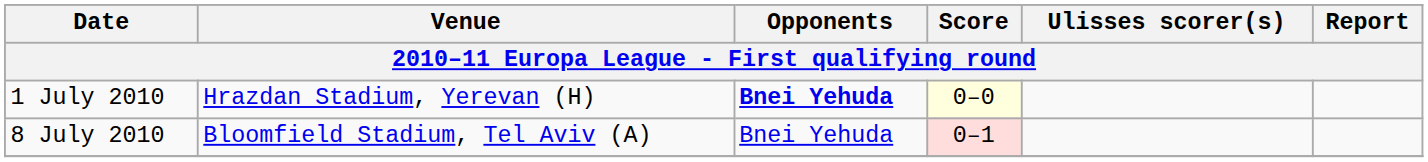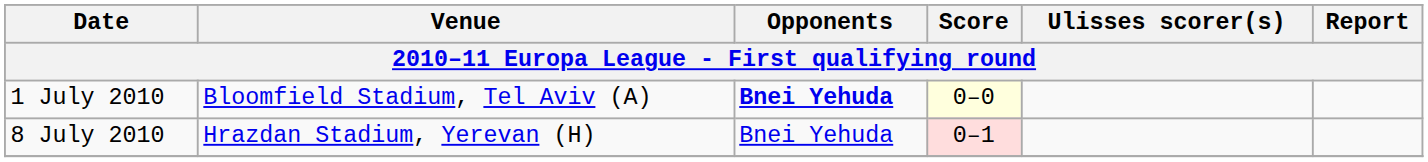 <table class="wikitable" width=85%; style="text-align: left; font-size:95%;">
 <tr>
 <th>Date</th>
 <th>Venue</th>
 <th>Opponents</th>
 <th>Score</th>
 <th>Ulisses scorer(s)</th>
 <th>Report</th>
 </tr>
 <tr>
 <th colspan=7><a href='#'>2010–11 Europa League - First qualifying round</a></th>
 </tr>
 <tr>
 <td>1 July 2010</td>
-<td><a href='#'>Hrazdan Stadium</a>, <a href='#'>Yerevan</a> (H)</td>
+<td><a href='#'>Bloomfield Stadium</a>, <a href='#'>Tel Aviv</a> (A)</td>
 <td><strong> <a href='#'>Bnei Yehuda</a></strong></td>
 <td align=center bgcolor=ffffdd>0–0</td>
 <td></td>
 <td></td>
 </tr>
 <tr>
 <td>8 July 2010</td>
-<td><a href='#'>Bloomfield Stadium</a>, <a href='#'>Tel Aviv</a> (A)</td>
+<td><a href='#'>Hrazdan Stadium</a>, <a href='#'>Yerevan</a> (H)</td>
 <td> <a href='#'>Bnei Yehuda</a></td>
 <td align=center bgcolor=ffdddd>0–1</td>
 <td></td>
 <td></td>
 </tr>
 <tr>
 </tr>
 </table>
